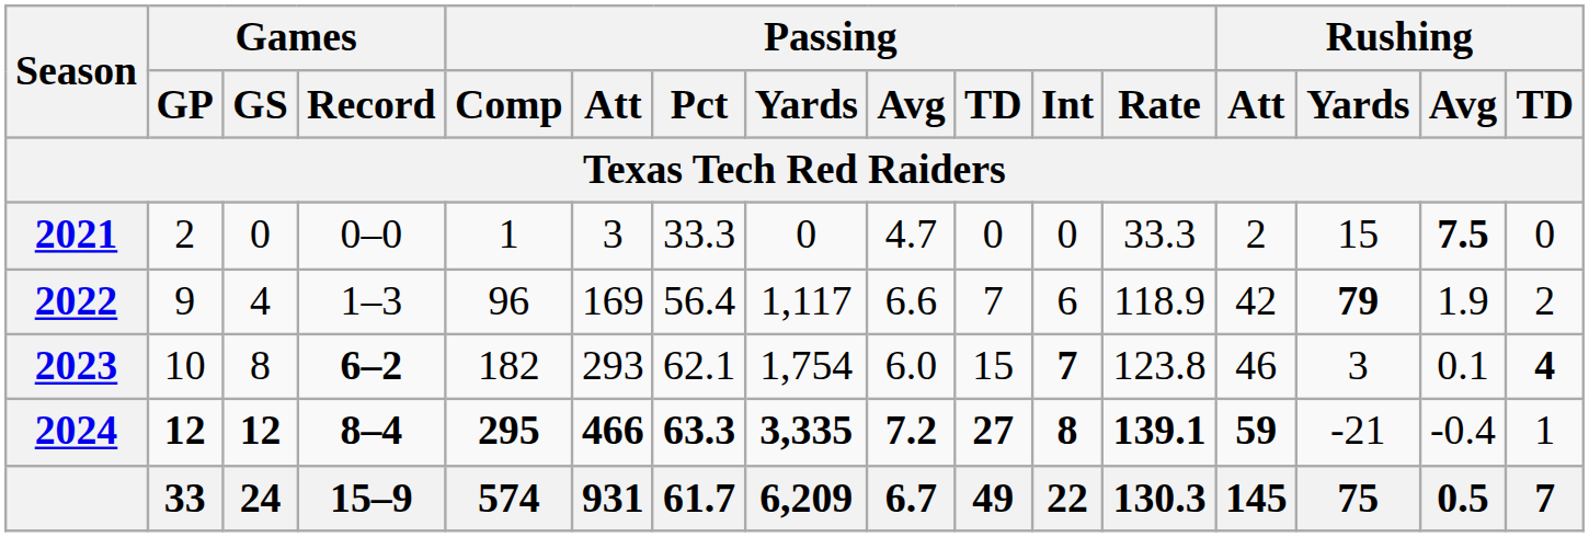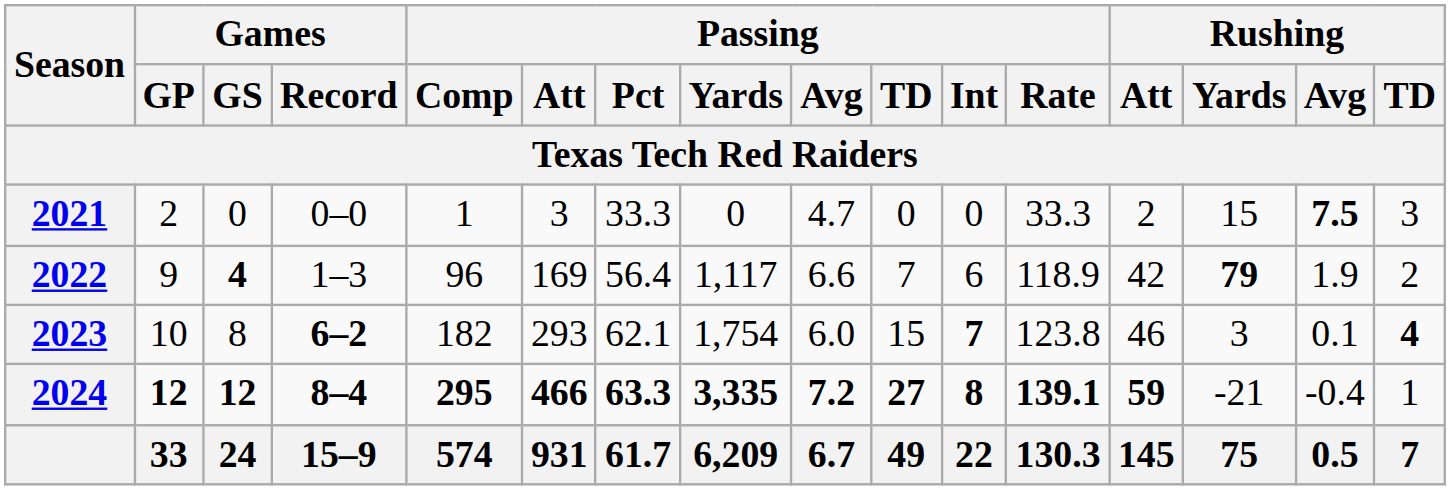 <table class="wikitable" style="text-align:center;">
 <tr>
 <th rowspan="2">Season</th>
 <th colspan="3">Games</th>
 <th colspan="8">Passing</th>
 <th colspan="5">Rushing</th>
 </tr>
 <tr>
 <th>GP</th>
 <th>GS</th>
 <th>Record</th>
 <th>Comp</th>
 <th>Att</th>
 <th>Pct</th>
 <th>Yards</th>
 <th>Avg</th>
 <th>TD</th>
 <th>Int</th>
 <th>Rate</th>
 <th>Att</th>
 <th>Yards</th>
 <th>Avg</th>
 <th>TD</th>
 </tr>
 <tr>
 <th colspan="16">Texas Tech Red Raiders</th>
 </tr>
 <tr>
 <th><a href='#'>2021</a></th>
 <td>2</td>
 <td>0</td>
 <td>0–0</td>
 <td>1</td>
 <td>3</td>
 <td>33.3</td>
 <td>0</td>
 <td>4.7</td>
 <td>0</td>
 <td>0</td>
 <td>33.3</td>
 <td>2</td>
 <td>15</td>
 <td><strong>7.5</strong></td>
-<td>0</td>
+<td>3</td>
 </tr>
 <tr>
 <th><a href='#'>2022</a></th>
 <td>9</td>
-<td>4</td>
+<td><strong>4</strong></td>
 <td>1–3</td>
 <td>96</td>
 <td>169</td>
 <td>56.4</td>
 <td>1,117</td>
 <td>6.6</td>
 <td>7</td>
 <td>6</td>
 <td>118.9</td>
 <td>42</td>
 <td><strong>79</strong></td>
 <td>1.9</td>
 <td>2</td>
 </tr>
 <tr>
 <th><a href='#'>2023</a></th>
 <td>10</td>
 <td>8</td>
 <td><strong>6–2</strong></td>
 <td>182</td>
 <td>293</td>
 <td>62.1</td>
 <td>1,754</td>
 <td>6.0</td>
 <td>15</td>
 <td><strong>7</strong></td>
 <td>123.8</td>
 <td>46</td>
 <td>3</td>
 <td>0.1</td>
 <td><strong>4</strong></td>
 </tr>
 <tr>
 <th><a href='#'>2024</a></th>
 <td><strong>12</strong></td>
 <td><strong>12</strong></td>
 <td><strong>8–4</strong></td>
 <td><strong>295</strong></td>
 <td><strong>466</strong></td>
 <td><strong>63.3</strong></td>
 <td><strong>3,335</strong></td>
 <td><strong>7.2</strong></td>
 <td><strong>27</strong></td>
 <td><strong>8</strong></td>
 <td><strong>139.1</strong></td>
 <td><strong>59</strong></td>
 <td>-21</td>
 <td>-0.4</td>
 <td>1</td>
 </tr>
 <tr class="sortbottom" style="background:#eee;">
 <th></th>
 <th>33</th>
 <th>24</th>
 <th>15–9</th>
 <th>574</th>
 <th>931</th>
 <th>61.7</th>
 <th>6,209</th>
 <th>6.7</th>
 <th>49</th>
 <th>22</th>
 <th>130.3</th>
 <th>145</th>
 <th>75</th>
 <th>0.5</th>
 <th>7</th>
 </tr>
 </table>
